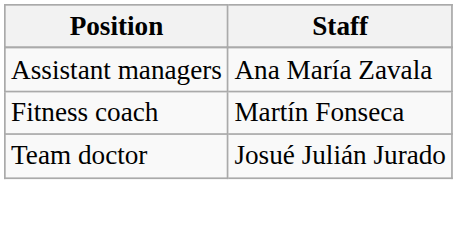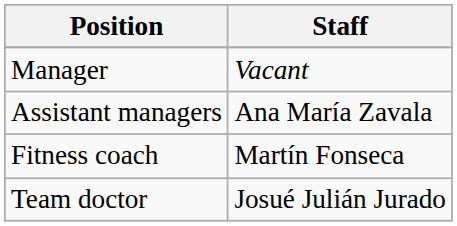 <table class="wikitable">
 <tr>
 <th>Position</th>
 <th>Staff</th>
 </tr>
 <tr>
+</tr>
+<tr>
+<td>Manager</td>
+<td><em>Vacant</em></td>
 </tr>
 <tr>
 <td rowspan="1">Assistant managers</td>
 <td> Ana María Zavala</td>
 </tr>
 <tr>
 <td>Fitness coach</td>
 <td> Martín Fonseca</td>
 </tr>
 <tr>
 <td>Team doctor</td>
 <td> Josué Julián Jurado</td>
 </tr>
 </table>
